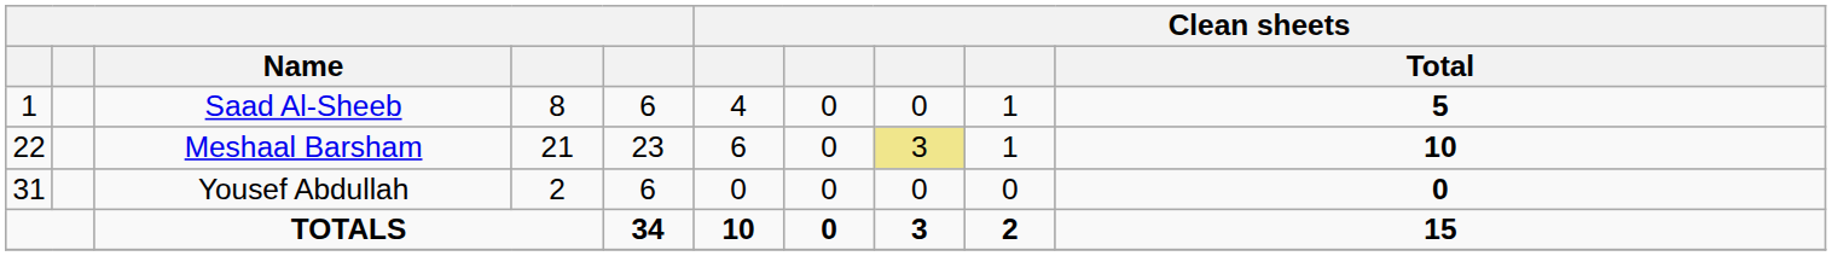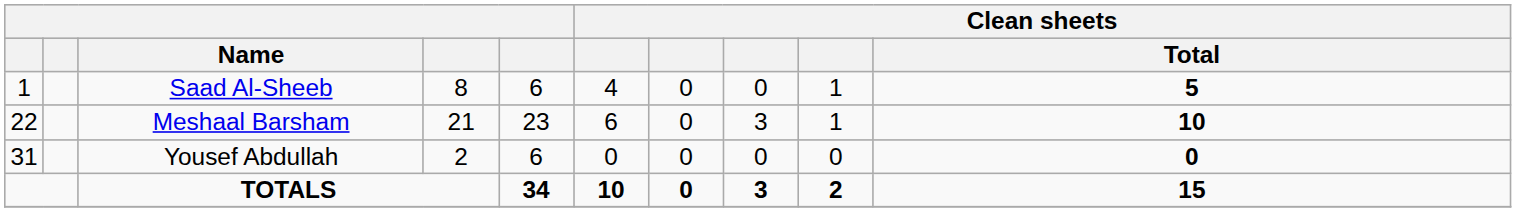 <table class="wikitable sortable alternance"  style="font-size:96%; text-align:center; line-height:14px; width:75%;">
 <tr>
 <th colspan="5"></th>
 <th colspan="5">Clean sheets</th>
 </tr>
 <tr>
 <th width=15></th>
 <th width=15></th>
 <th width=210>Name</th>
 <th width=40></th>
 <th width=40></th>
 <th width=40></th>
 <th width=40></th>
 <th width=40></th>
 <th width=40></th>
 <th>Total</th>
 </tr>
 <tr>
 <td>1</td>
 <td></td>
 <td><a href='#'>Saad Al-Sheeb</a></td>
 <td>8</td>
 <td>6</td>
 <td>4</td>
 <td>0</td>
 <td>0</td>
 <td>1</td>
 <td><strong>5</strong></td>
 </tr>
 <tr>
 <td>22</td>
 <td></td>
 <td><a href='#'>Meshaal Barsham</a></td>
 <td>21</td>
 <td>23</td>
 <td>6</td>
 <td>0</td>
-<td style="background: khaki;">3</td>
+<td>3</td>
 <td>1</td>
 <td><strong>10</strong></td>
 </tr>
 <tr>
 <td>31</td>
 <td></td>
 <td>Yousef Abdullah</td>
 <td>2</td>
 <td>6</td>
 <td>0</td>
 <td>0</td>
 <td>0</td>
 <td>0</td>
 <td><strong>0</strong></td>
 </tr>
 <tr>
 <td colspan="2"></td>
 <td colspan="2"><strong>TOTALS</strong></td>
 <td><strong>34</strong></td>
 <td><strong>10</strong></td>
 <td><strong>0</strong></td>
 <td><strong>3</strong></td>
 <td><strong>2</strong></td>
 <td><strong>15</strong></td>
 </tr>
 <tr>
 </tr>
 </table>
